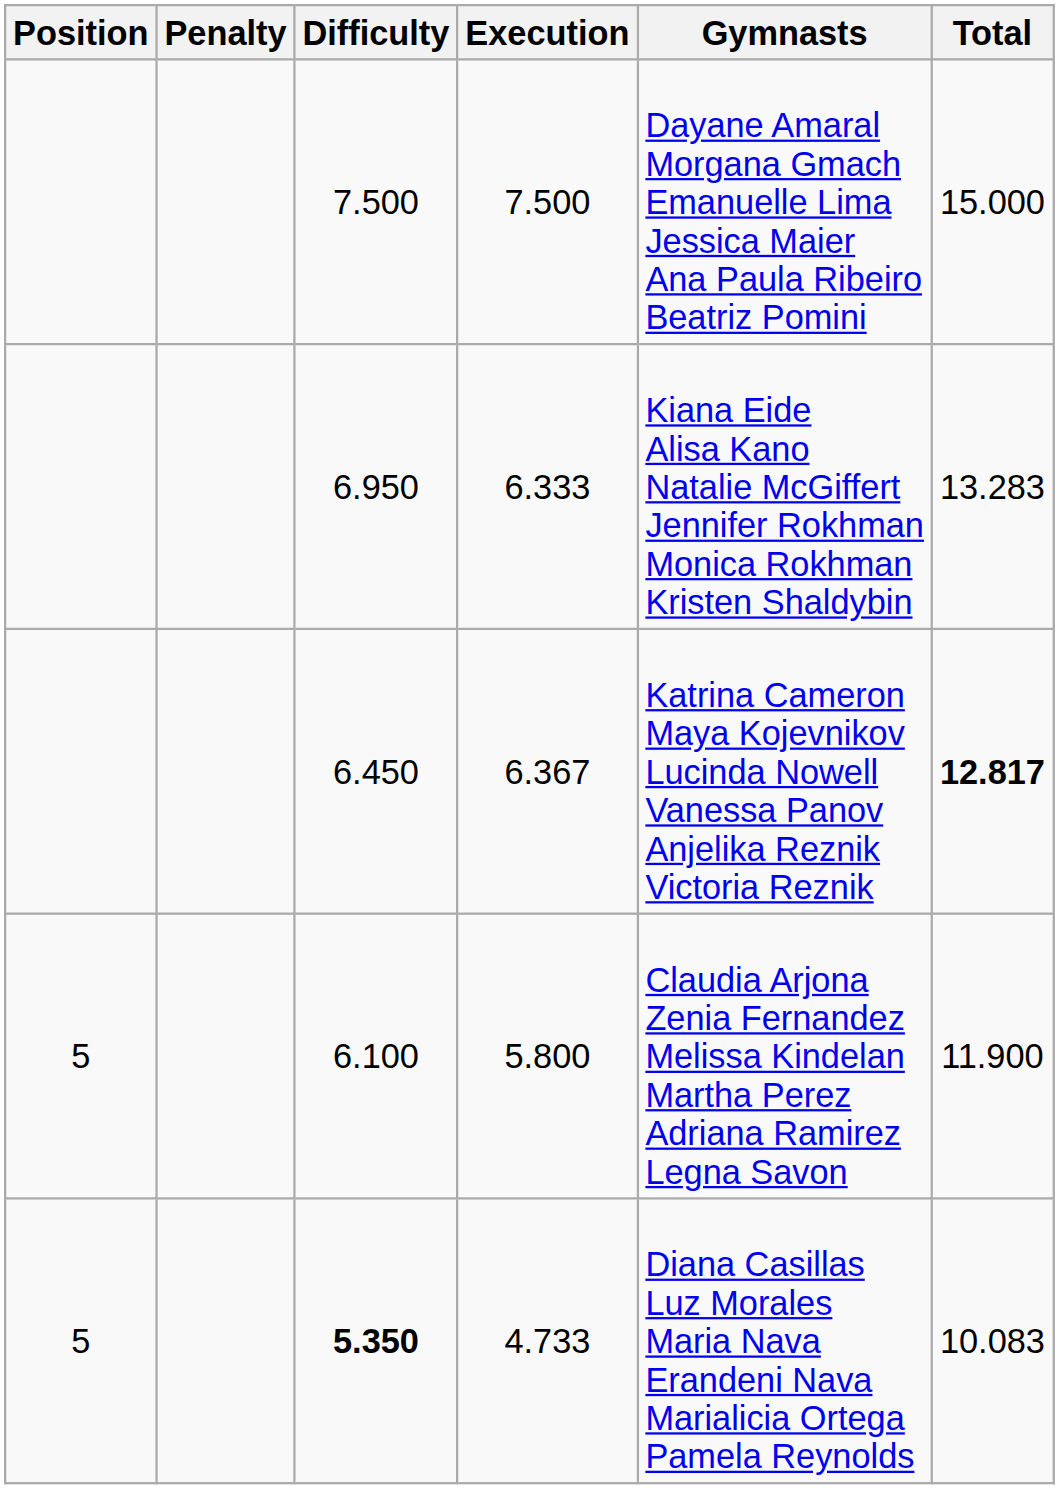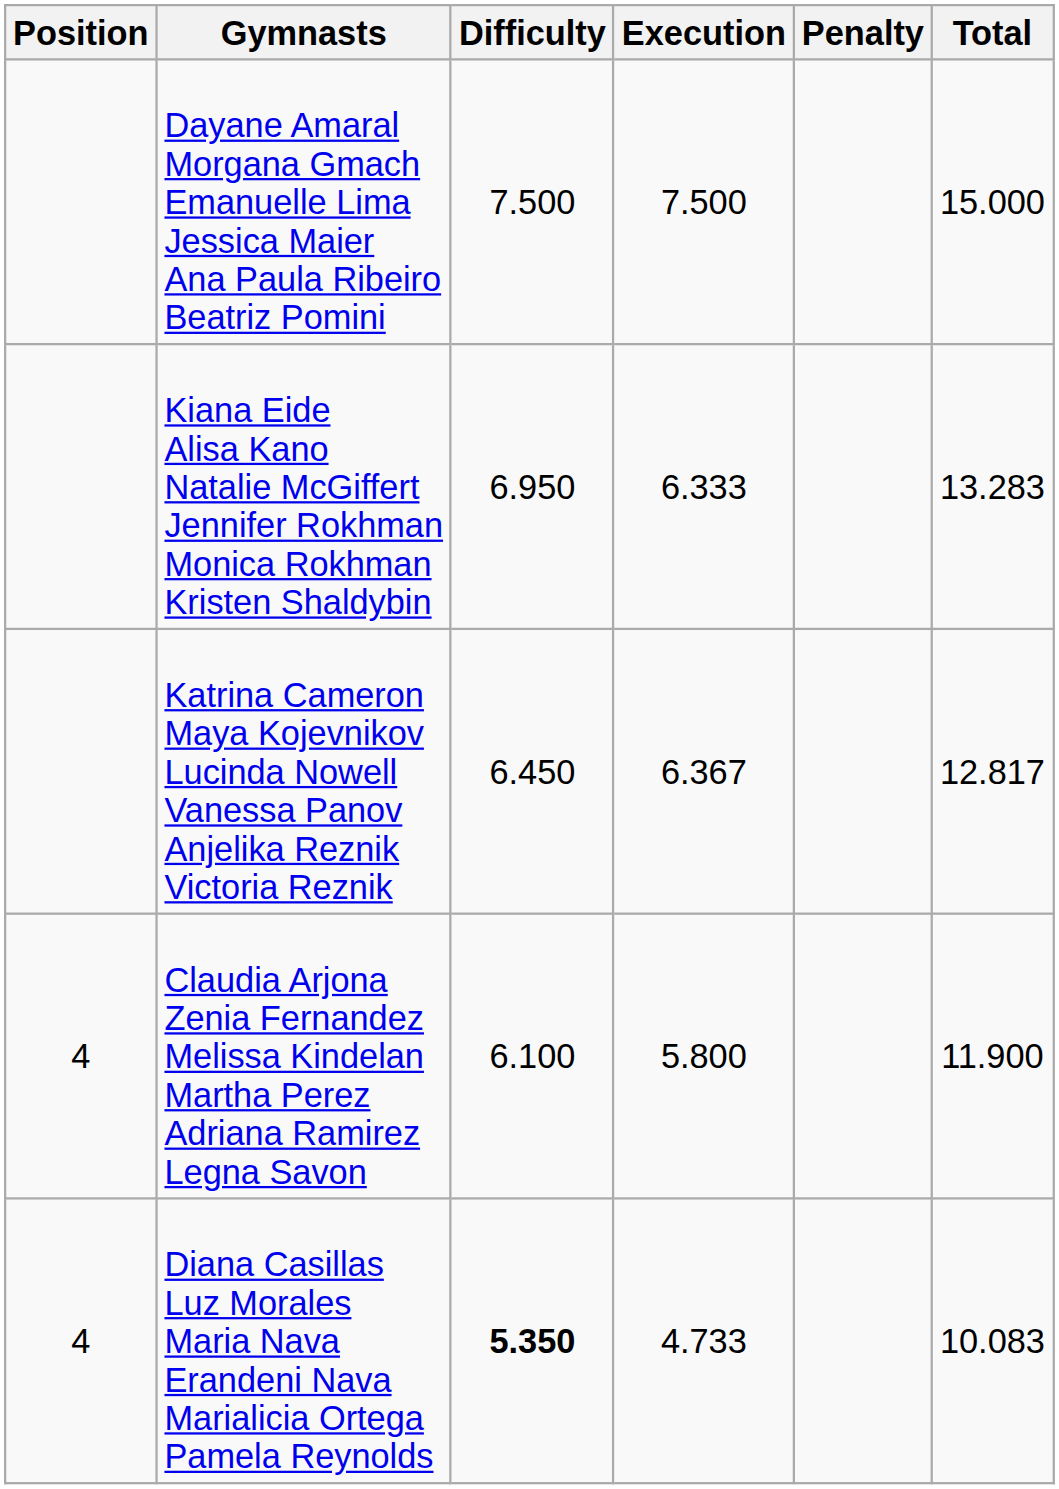 <table class="wikitable sortable" style="text-align:center; font-size:95%">
 <tr>
 <th>Position</th>
-<th>Penalty</th>
+<th>Gymnasts</th>
 <th>Difficulty</th>
 <th>Execution</th>
-<th>Gymnasts</th>
+<th>Penalty</th>
 <th>Total</th>
 </tr>
 <tr>
 <td></td>
-<td></td>
+<td align=left> <br> <a href='#'>Dayane Amaral</a><br><a href='#'>Morgana Gmach</a><br><a href='#'>Emanuelle Lima</a><br><a href='#'>Jessica Maier</a><br><a href='#'>Ana Paula Ribeiro</a><br><a href='#'>Beatriz Pomini</a></td>
 <td>7.500</td>
 <td>7.500</td>
-<td align=left> <br> <a href='#'>Dayane Amaral</a><br><a href='#'>Morgana Gmach</a><br><a href='#'>Emanuelle Lima</a><br><a href='#'>Jessica Maier</a><br><a href='#'>Ana Paula Ribeiro</a><br><a href='#'>Beatriz Pomini</a></td>
+<td></td>
 <td>15.000</td>
 </tr>
 <tr>
 <td></td>
-<td></td>
+<td align=left> <br> <a href='#'>Kiana Eide</a><br><a href='#'>Alisa Kano</a><br><a href='#'>Natalie McGiffert</a><br><a href='#'>Jennifer Rokhman</a><br><a href='#'>Monica Rokhman</a><br><a href='#'>Kristen Shaldybin</a></td>
 <td>6.950</td>
 <td>6.333</td>
-<td align=left> <br> <a href='#'>Kiana Eide</a><br><a href='#'>Alisa Kano</a><br><a href='#'>Natalie McGiffert</a><br><a href='#'>Jennifer Rokhman</a><br><a href='#'>Monica Rokhman</a><br><a href='#'>Kristen Shaldybin</a></td>
+<td></td>
 <td>13.283</td>
 </tr>
 <tr>
 <td></td>
-<td></td>
+<td align=left> <br> <a href='#'>Katrina Cameron</a> <br> <a href='#'>Maya Kojevnikov</a> <br> <a href='#'>Lucinda Nowell</a> <br> <a href='#'>Vanessa Panov</a> <br> <a href='#'>Anjelika Reznik</a> <br><a href='#'>Victoria Reznik</a></td>
 <td>6.450</td>
 <td>6.367</td>
-<td align=left> <br> <a href='#'>Katrina Cameron</a> <br> <a href='#'>Maya Kojevnikov</a> <br> <a href='#'>Lucinda Nowell</a> <br> <a href='#'>Vanessa Panov</a> <br> <a href='#'>Anjelika Reznik</a> <br><a href='#'>Victoria Reznik</a></td>
-<td><strong>12.817</strong></td>
+<td></td>
+<td>12.817</td>
 </tr>
 <tr>
-<td>5</td>
-<td></td>
+<td>4</td>
+<td align=left> <br> <a href='#'>Claudia Arjona</a><br><a href='#'>Zenia Fernandez</a><br><a href='#'>Melissa Kindelan</a><br><a href='#'>Martha Perez</a><br><a href='#'>Adriana Ramirez</a><br><a href='#'>Legna Savon</a></td>
 <td>6.100</td>
 <td>5.800</td>
-<td align=left> <br> <a href='#'>Claudia Arjona</a><br><a href='#'>Zenia Fernandez</a><br><a href='#'>Melissa Kindelan</a><br><a href='#'>Martha Perez</a><br><a href='#'>Adriana Ramirez</a><br><a href='#'>Legna Savon</a></td>
+<td></td>
 <td>11.900</td>
 </tr>
 <tr>
-<td>5</td>
-<td></td>
+<td>4</td>
+<td align=left> <br> <a href='#'>Diana Casillas</a> <br> <a href='#'>Luz Morales</a> <br> <a href='#'>Maria Nava</a> <br> <a href='#'>Erandeni Nava</a> <br> <a href='#'>Marialicia Ortega</a> <br> <a href='#'>Pamela Reynolds</a></td>
 <td><strong>5.350</strong></td>
 <td>4.733</td>
-<td align=left> <br> <a href='#'>Diana Casillas</a> <br> <a href='#'>Luz Morales</a> <br> <a href='#'>Maria Nava</a> <br> <a href='#'>Erandeni Nava</a> <br> <a href='#'>Marialicia Ortega</a> <br> <a href='#'>Pamela Reynolds</a></td>
+<td></td>
 <td>10.083</td>
 </tr>
 </table>
